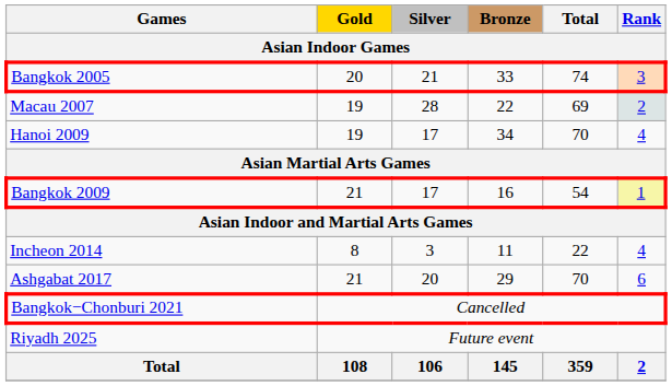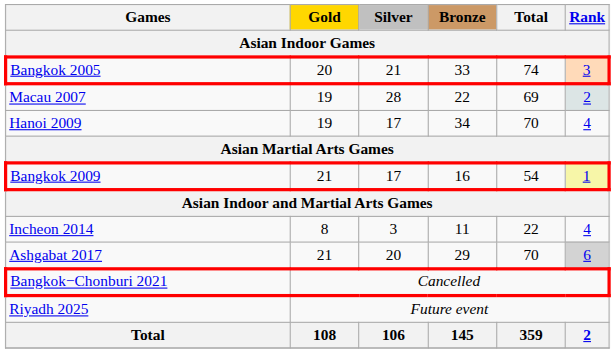 <table class="wikitable sortable" style="margin-top:0em; text-align:center; font-size:90%;">
 <tr>
 <th style="width:18em;">Games</th>
 <th style="width:4em; background:gold;">Gold</th>
 <th style="width:4em; background:silver;">Silver</th>
 <th style="width:4em; background:#cc9966;">Bronze</th>
 <th style="width:4em;">Total</th>
 <th style="width:2em;"><a href='#'>Rank</a></th>
 </tr>
 <tr>
 <th colspan=6><strong>Asian Indoor Games</strong></th>
 </tr>
 <tr style="border: 3px solid red">
 <td align=left> <a href='#'>Bangkok 2005</a></td>
 <td>20</td>
 <td>21</td>
 <td>33</td>
 <td>74</td>
 <td bgcolor=ffdab9><a href='#'>3</a></td>
 </tr>
 <tr>
 <td align=left> <a href='#'>Macau 2007</a></td>
 <td>19</td>
 <td>28</td>
 <td>22</td>
 <td>69</td>
 <td bgcolor=dce5e5><a href='#'>2</a></td>
 </tr>
 <tr>
 <td align=left> <a href='#'>Hanoi 2009</a></td>
 <td>19</td>
 <td>17</td>
 <td>34</td>
 <td>70</td>
 <td><a href='#'>4</a></td>
 </tr>
 <tr>
 <th colspan=6><strong>Asian Martial Arts Games</strong></th>
 </tr>
 <tr style="border: 3px solid red">
 <td align=left> <a href='#'>Bangkok 2009</a></td>
 <td>21</td>
 <td>17</td>
 <td>16</td>
 <td>54</td>
 <td bgcolor=f7f6a8><a href='#'>1</a></td>
 </tr>
 <tr>
 <th colspan=6><strong>Asian Indoor and Martial Arts Games</strong></th>
 </tr>
 <tr>
 <td align=left> <a href='#'>Incheon 2014</a></td>
 <td>8</td>
 <td>3</td>
 <td>11</td>
 <td>22</td>
 <td><a href='#'>4</a></td>
 </tr>
 <tr>
 <td align=left> <a href='#'>Ashgabat 2017</a></td>
 <td>21</td>
 <td>20</td>
 <td>29</td>
 <td>70</td>
-<td><a href='#'>6</a></td>
+<td style="background: lightgrey;"><a href='#'>6</a></td>
 </tr>
 <tr style="border: 3px solid red">
 <td align=left> <a href='#'>Bangkok−Chonburi 2021</a></td>
 <td colspan=5><em>Cancelled</em></td>
 </tr>
 <tr>
 <td align=left> <a href='#'>Riyadh 2025</a></td>
 <td colspan=5><em>Future event</em></td>
 </tr>
 <tr>
 <th><strong>Total</strong></th>
 <th><strong>108</strong></th>
 <th><strong>106</strong></th>
 <th><strong>145</strong></th>
 <th><strong>359</strong></th>
 <th><strong><a href='#'>2</a></strong></th>
 </tr>
 <tr class="sortbottom">
 </tr>
 </table>
